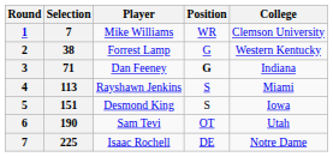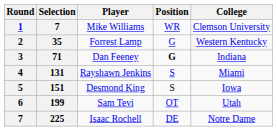 <table class="wikitable" style="text-align:center">
 <tr>
 <th>Round</th>
 <th>Selection</th>
 <th>Player</th>
 <th>Position</th>
 <th>College</th>
 </tr>
 <tr>
 <th><a href='#'>1</a></th>
 <th>7</th>
 <td><a href='#'>Mike Williams</a></td>
 <td><a href='#'>WR</a></td>
 <td><a href='#'>Clemson University</a></td>
 </tr>
 <tr>
 <th>2</th>
-<th>38</th>
+<th>35</th>
 <td><a href='#'>Forrest Lamp</a></td>
 <td><a href='#'>G</a></td>
 <td><a href='#'>Western Kentucky</a></td>
 </tr>
 <tr>
 <th>3</th>
 <th>71</th>
 <td><a href='#'>Dan Feeney</a></td>
 <td><strong>G</strong></td>
 <td><a href='#'>Indiana</a></td>
 </tr>
 <tr>
 <th>4</th>
-<th>113</th>
+<th>131</th>
 <td><a href='#'>Rayshawn Jenkins</a></td>
 <td><a href='#'>S</a></td>
 <td><a href='#'>Miami</a></td>
 </tr>
 <tr>
 <th>5</th>
 <th>151</th>
 <td><a href='#'>Desmond King</a></td>
 <td>S</td>
 <td><a href='#'>Iowa</a></td>
 </tr>
 <tr>
 <th>6</th>
-<th>190</th>
+<th>199</th>
 <td><a href='#'>Sam Tevi</a></td>
 <td><a href='#'>OT</a></td>
 <td><a href='#'>Utah</a></td>
 </tr>
 <tr>
 <th>7</th>
 <th>225</th>
 <td><a href='#'>Isaac Rochell</a></td>
 <td><a href='#'>DE</a></td>
 <td><a href='#'>Notre Dame</a></td>
 </tr>
 </table>
